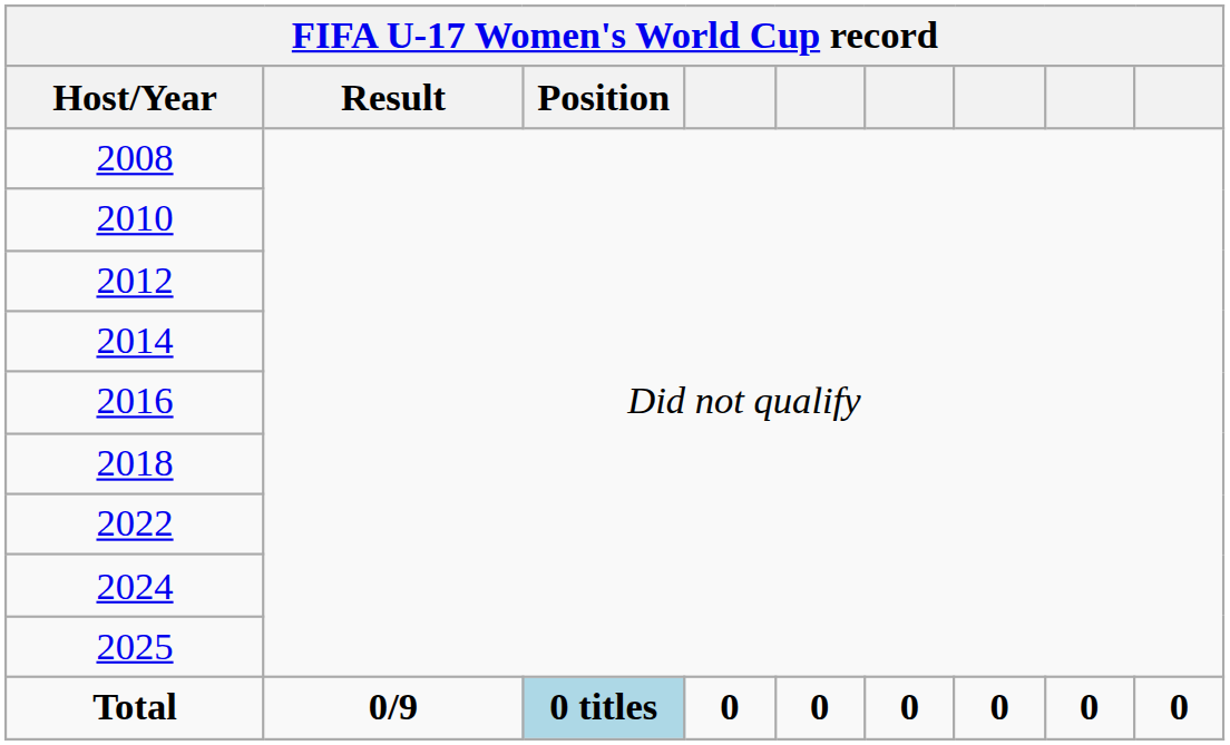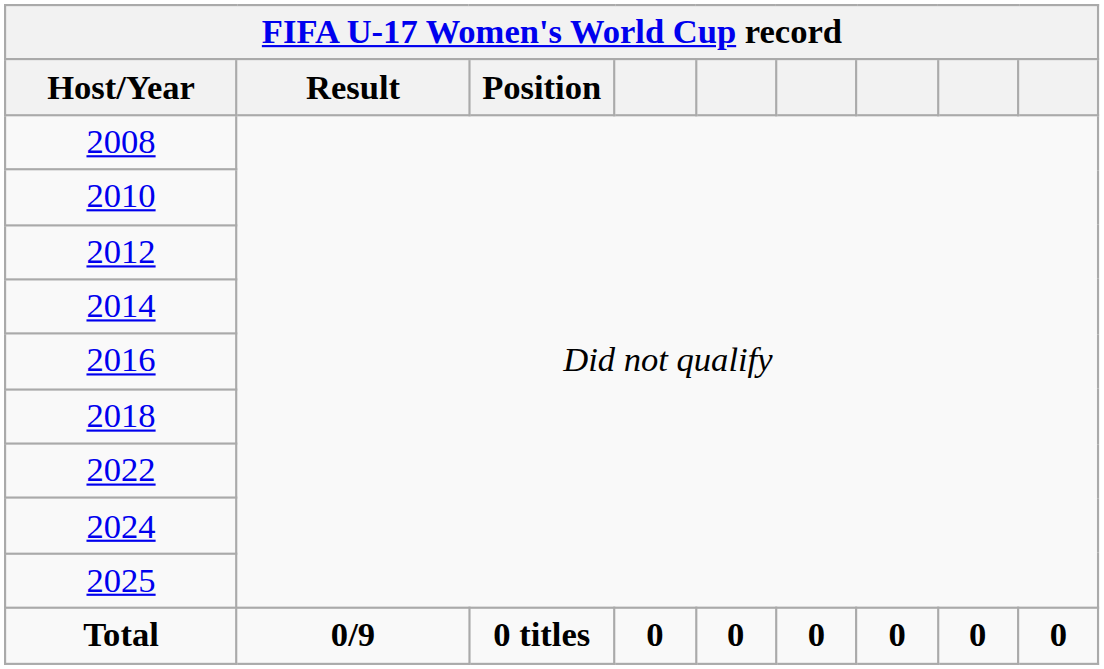 <table class="wikitable" style="text-align: center;">
 <tr>
 <th colspan=9 style="background:color: #0000FF;"><a href='#'>FIFA U-17 Women's World Cup</a> record</th>
 </tr>
 <tr>
 <th style="width:100px;">Host/Year</th>
 <th style="width:100px;">Result</th>
 <th style="width:60px;">Position</th>
 <th style="width:30px;"></th>
 <th style="width:30px;"></th>
 <th style="width:30px;"></th>
 <th style="width:30px;"></th>
 <th style="width:30px;"></th>
 <th style="width:30px;"></th>
 </tr>
 <tr>
 <td> <a href='#'>2008</a></td>
 <td rowspan=9 colspan=8><em>Did not qualify</em></td>
 </tr>
 <tr>
 <td> <a href='#'>2010</a></td>
 </tr>
 <tr>
 <td> <a href='#'>2012</a></td>
 </tr>
 <tr>
 <td> <a href='#'>2014</a></td>
 </tr>
 <tr>
 <td> <a href='#'>2016</a></td>
 </tr>
 <tr>
 <td> <a href='#'>2018</a></td>
 </tr>
 <tr>
 <td> <a href='#'>2022</a></td>
 </tr>
 <tr>
 <td> <a href='#'>2024</a></td>
 </tr>
 <tr>
 <td> <a href='#'>2025</a></td>
 </tr>
 <tr>
 <td><strong>Total</strong></td>
 <td><strong>0/9</strong></td>
-<td style="background: lightblue;"><strong>0 titles</strong></td>
+<td><strong>0 titles</strong></td>
 <td><strong>0</strong></td>
 <td><strong>0</strong></td>
 <td><strong>0</strong></td>
 <td><strong>0</strong></td>
 <td><strong>0</strong></td>
 <td><strong>0</strong></td>
 </tr>
 </table>
